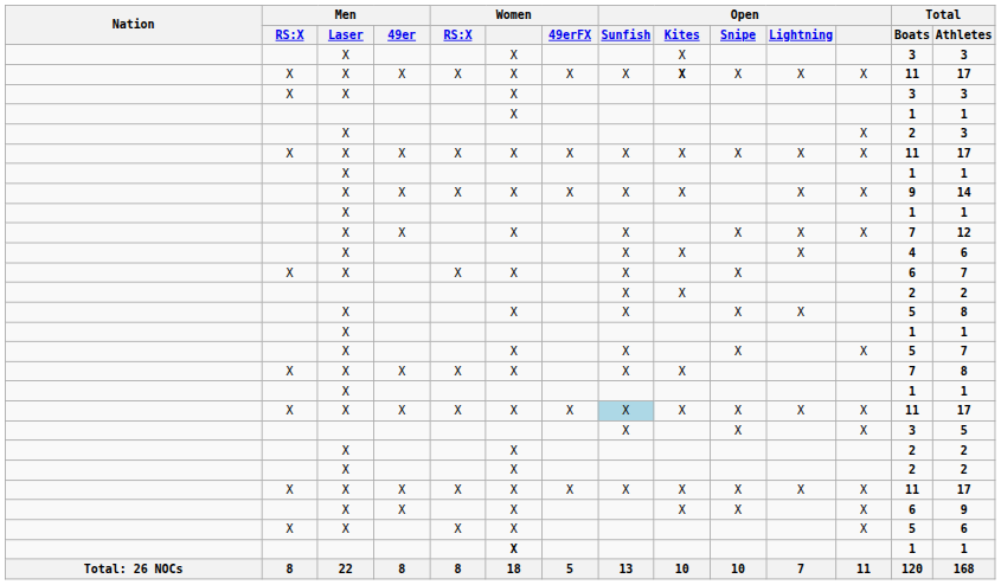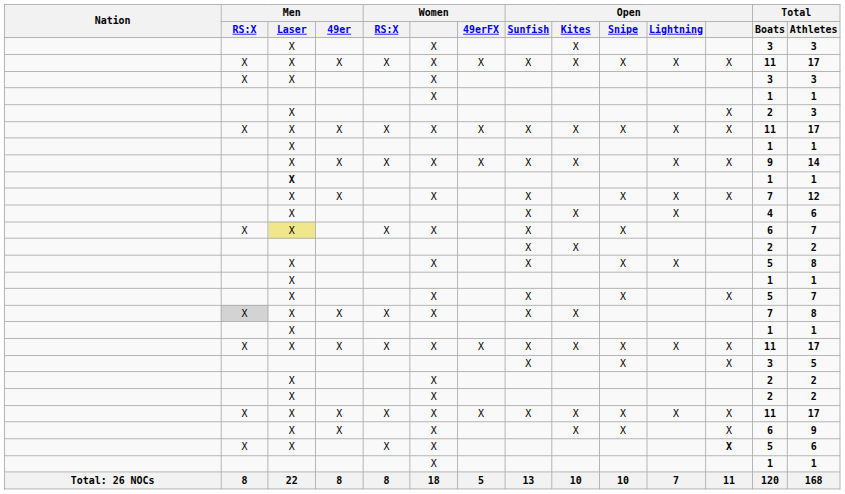 <table class=wikitable width=984 style="text-align:center; font-size:90%">
 <tr>
 <th rowspan="2" align="left">Nation</th>
 <th colspan="3">Men</th>
 <th colspan="3">Women</th>
 <th colspan=5>Open</th>
 <th colspan=2>Total</th>
 </tr>
 <tr>
 <th width=50><a href='#'>RS:X</a></th>
 <th width=50><a href='#'>Laser</a></th>
 <th width=50><a href='#'>49er</a></th>
 <th width=50><a href='#'>RS:X</a></th>
 <th width=50></th>
 <th width=50><a href='#'>49erFX</a></th>
 <th width=50><a href='#'>Sunfish</a></th>
 <th width=50><a href='#'>Kites</a></th>
 <th width=50><a href='#'>Snipe</a></th>
 <th width=50><a href='#'>Lightning</a></th>
 <th width=50></th>
 <th width=35>Boats</th>
 <th width=49>Athletes</th>
 </tr>
 <tr>
 <td align=left></td>
 <td></td>
 <td>X</td>
 <td></td>
 <td></td>
 <td>X</td>
 <td></td>
 <td></td>
 <td>X</td>
 <td></td>
 <td></td>
 <td></td>
 <td><strong>3</strong></td>
 <td><strong>3</strong></td>
 </tr>
 <tr>
 <td align=left></td>
 <td>X</td>
 <td>X</td>
 <td>X</td>
 <td>X</td>
 <td>X</td>
 <td>X</td>
 <td>X</td>
-<td><strong>X</strong></td>
+<td>X</td>
 <td>X</td>
 <td>X</td>
 <td>X</td>
 <td><strong>11</strong></td>
 <td><strong>17</strong></td>
 </tr>
 <tr>
 <td align=left></td>
 <td>X</td>
 <td>X</td>
 <td></td>
 <td></td>
 <td>X</td>
 <td></td>
 <td></td>
 <td></td>
 <td></td>
 <td></td>
 <td></td>
 <td><strong>3</strong></td>
 <td><strong>3</strong></td>
 </tr>
 <tr>
 <td align=left></td>
 <td></td>
 <td></td>
 <td></td>
 <td></td>
 <td>X</td>
 <td></td>
 <td></td>
 <td></td>
 <td></td>
 <td></td>
 <td></td>
 <td><strong>1</strong></td>
 <td><strong>1</strong></td>
 </tr>
 <tr>
 <td align=left></td>
 <td></td>
 <td>X</td>
 <td></td>
 <td></td>
 <td></td>
 <td></td>
 <td></td>
 <td></td>
 <td></td>
 <td></td>
 <td>X</td>
 <td><strong>2</strong></td>
 <td><strong>3</strong></td>
 </tr>
 <tr>
 <td align=left></td>
 <td>X</td>
 <td>X</td>
 <td>X</td>
 <td>X</td>
 <td>X</td>
 <td>X</td>
 <td>X</td>
 <td>X</td>
 <td>X</td>
 <td>X</td>
 <td>X</td>
 <td><strong>11</strong></td>
 <td><strong>17</strong></td>
 </tr>
 <tr>
 <td align=left></td>
 <td></td>
 <td>X</td>
 <td></td>
 <td></td>
 <td></td>
 <td></td>
 <td></td>
 <td></td>
 <td></td>
 <td></td>
 <td></td>
 <td><strong>1</strong></td>
 <td><strong>1</strong></td>
 </tr>
 <tr>
 <td align=left></td>
 <td></td>
 <td>X</td>
 <td>X</td>
 <td>X</td>
 <td>X</td>
 <td>X</td>
 <td>X</td>
 <td>X</td>
 <td></td>
 <td>X</td>
 <td>X</td>
 <td><strong>9</strong></td>
 <td><strong>14</strong></td>
 </tr>
 <tr>
 <td align=left></td>
 <td></td>
-<td>X</td>
+<td><strong>X</strong></td>
 <td></td>
 <td></td>
 <td></td>
 <td></td>
 <td></td>
 <td></td>
 <td></td>
 <td></td>
 <td></td>
 <td><strong>1</strong></td>
 <td><strong>1</strong></td>
 </tr>
 <tr>
 <td align=left></td>
 <td></td>
 <td>X</td>
 <td>X</td>
 <td></td>
 <td>X</td>
 <td></td>
 <td>X</td>
 <td></td>
 <td>X</td>
 <td>X</td>
 <td>X</td>
 <td><strong>7</strong></td>
 <td><strong>12</strong></td>
 </tr>
 <tr>
 <td align=left></td>
 <td></td>
 <td>X</td>
 <td></td>
 <td></td>
 <td></td>
 <td></td>
 <td>X</td>
 <td>X</td>
 <td></td>
 <td>X</td>
 <td></td>
 <td><strong>4</strong></td>
 <td><strong>6</strong></td>
 </tr>
 <tr>
 <td align=left></td>
 <td>X</td>
-<td>X</td>
+<td style="background: khaki;">X</td>
 <td></td>
 <td>X</td>
 <td>X</td>
 <td></td>
 <td>X</td>
 <td></td>
 <td>X</td>
 <td></td>
 <td></td>
 <td><strong>6</strong></td>
 <td><strong>7</strong></td>
 </tr>
 <tr>
 <td align=left></td>
 <td></td>
 <td></td>
 <td></td>
 <td></td>
 <td></td>
 <td></td>
 <td>X</td>
 <td>X</td>
 <td></td>
 <td></td>
 <td></td>
 <td><strong>2</strong></td>
 <td><strong>2</strong></td>
 </tr>
 <tr>
 <td align=left></td>
 <td></td>
 <td>X</td>
 <td></td>
 <td></td>
 <td>X</td>
 <td></td>
 <td>X</td>
 <td></td>
 <td>X</td>
 <td>X</td>
 <td></td>
 <td><strong>5</strong></td>
 <td><strong>8</strong></td>
 </tr>
 <tr>
 <td align=left></td>
 <td></td>
 <td>X</td>
 <td></td>
 <td></td>
 <td></td>
 <td></td>
 <td></td>
 <td></td>
 <td></td>
 <td></td>
 <td></td>
 <td><strong>1</strong></td>
 <td><strong>1</strong></td>
 </tr>
 <tr>
 <td align=left></td>
 <td></td>
 <td>X</td>
 <td></td>
 <td></td>
 <td>X</td>
 <td></td>
 <td>X</td>
 <td></td>
 <td>X</td>
 <td></td>
 <td>X</td>
 <td><strong>5</strong></td>
 <td><strong>7</strong></td>
 </tr>
 <tr>
 <td align=left></td>
-<td>X</td>
+<td style="background: lightgrey;">X</td>
 <td>X</td>
 <td>X</td>
 <td>X</td>
 <td>X</td>
 <td></td>
 <td>X</td>
 <td>X</td>
 <td></td>
 <td></td>
 <td></td>
 <td><strong>7</strong></td>
 <td><strong>8</strong></td>
 </tr>
 <tr>
 <td align=left></td>
 <td></td>
 <td>X</td>
 <td></td>
 <td></td>
 <td></td>
 <td></td>
 <td></td>
 <td></td>
 <td></td>
 <td></td>
 <td></td>
 <td><strong>1</strong></td>
 <td><strong>1</strong></td>
 </tr>
 <tr>
 <td align=left></td>
 <td>X</td>
 <td>X</td>
 <td>X</td>
 <td>X</td>
 <td>X</td>
 <td>X</td>
-<td style="background: lightblue;">X</td>
+<td>X</td>
 <td>X</td>
 <td>X</td>
 <td>X</td>
 <td>X</td>
 <td><strong>11</strong></td>
 <td><strong>17</strong></td>
 </tr>
 <tr>
 <td align=left></td>
 <td></td>
 <td></td>
 <td></td>
 <td></td>
 <td></td>
 <td></td>
 <td>X</td>
 <td></td>
 <td>X</td>
 <td></td>
 <td>X</td>
 <td><strong>3</strong></td>
 <td><strong>5</strong></td>
 </tr>
 <tr>
 <td align=left></td>
 <td></td>
 <td>X</td>
 <td></td>
 <td></td>
 <td>X</td>
 <td></td>
 <td></td>
 <td></td>
 <td></td>
 <td></td>
 <td></td>
 <td><strong>2</strong></td>
 <td><strong>2</strong></td>
 </tr>
 <tr>
 <td align=left></td>
 <td></td>
 <td>X</td>
 <td></td>
 <td></td>
 <td>X</td>
 <td></td>
 <td></td>
 <td></td>
 <td></td>
 <td></td>
 <td></td>
 <td><strong>2</strong></td>
 <td><strong>2</strong></td>
 </tr>
 <tr>
 <td align=left></td>
 <td>X</td>
 <td>X</td>
 <td>X</td>
 <td>X</td>
 <td>X</td>
 <td>X</td>
 <td>X</td>
 <td>X</td>
 <td>X</td>
 <td>X</td>
 <td>X</td>
 <td><strong>11</strong></td>
 <td><strong>17</strong></td>
 </tr>
 <tr>
 <td align=left></td>
 <td></td>
 <td>X</td>
 <td>X</td>
 <td></td>
 <td>X</td>
 <td></td>
 <td></td>
 <td>X</td>
 <td>X</td>
 <td></td>
 <td>X</td>
 <td><strong>6</strong></td>
 <td><strong>9</strong></td>
 </tr>
 <tr>
 <td align=left></td>
 <td>X</td>
 <td>X</td>
 <td></td>
 <td>X</td>
 <td>X</td>
 <td></td>
 <td></td>
 <td></td>
 <td></td>
 <td></td>
-<td>X</td>
+<td><strong>X</strong></td>
 <td><strong>5</strong></td>
 <td><strong>6</strong></td>
 </tr>
 <tr>
 <td align=left></td>
 <td></td>
 <td></td>
 <td></td>
 <td></td>
-<td><strong>X</strong></td>
+<td>X</td>
 <td></td>
 <td></td>
 <td></td>
 <td></td>
 <td></td>
 <td></td>
 <td><strong>1</strong></td>
 <td><strong>1</strong></td>
 </tr>
 <tr>
 <th>Total: 26 NOCs</th>
 <th>8</th>
 <th>22</th>
 <th>8</th>
 <th>8</th>
 <th>18</th>
 <th>5</th>
 <th>13</th>
 <th>10</th>
 <th>10</th>
 <th>7</th>
 <th>11</th>
 <th>120</th>
 <th>168</th>
 </tr>
 </table>
